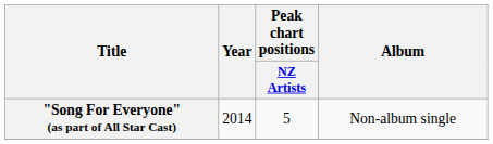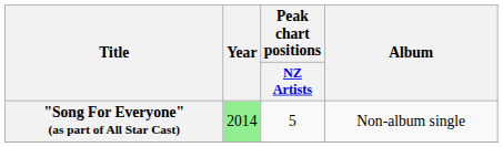 <table class="wikitable plainrowheaders" style="text-align:center;">
 <tr>
 <th scope="col" rowspan="2" style="width:14em;">Title</th>
 <th scope="col" rowspan="2" style="width:1em;">Year</th>
 <th scope="col" colspan="1">Peak chart positions</th>
 <th scope="col" rowspan="2" style="width:11em;">Album</th>
 </tr>
 <tr>
 <th scope="col" style="width:3em;font-size:90%;"><a href='#'>NZ<br>Artists</a><br></th>
 </tr>
 <tr>
 <th scope="row">"Song For Everyone"<br><small>(as part of All Star Cast)</small></th>
-<td>2014</td>
+<td style="background: lightgreen;">2014</td>
 <td>5</td>
 <td>Non-album single</td>
 </tr>
 <tr>
 </tr>
 </table>
